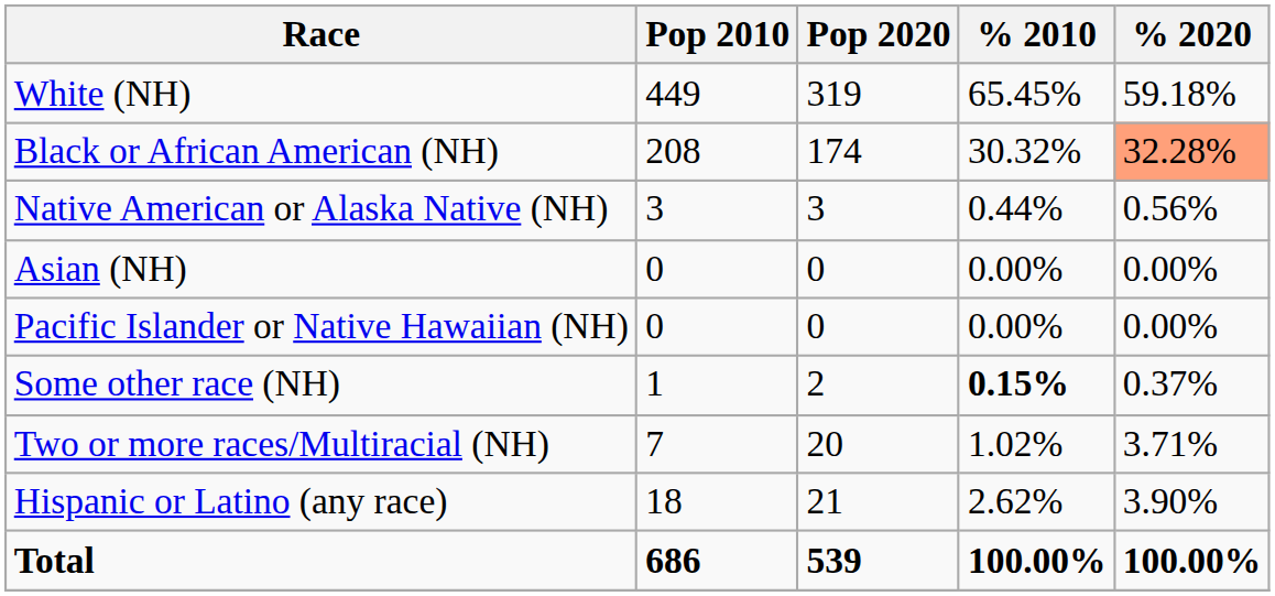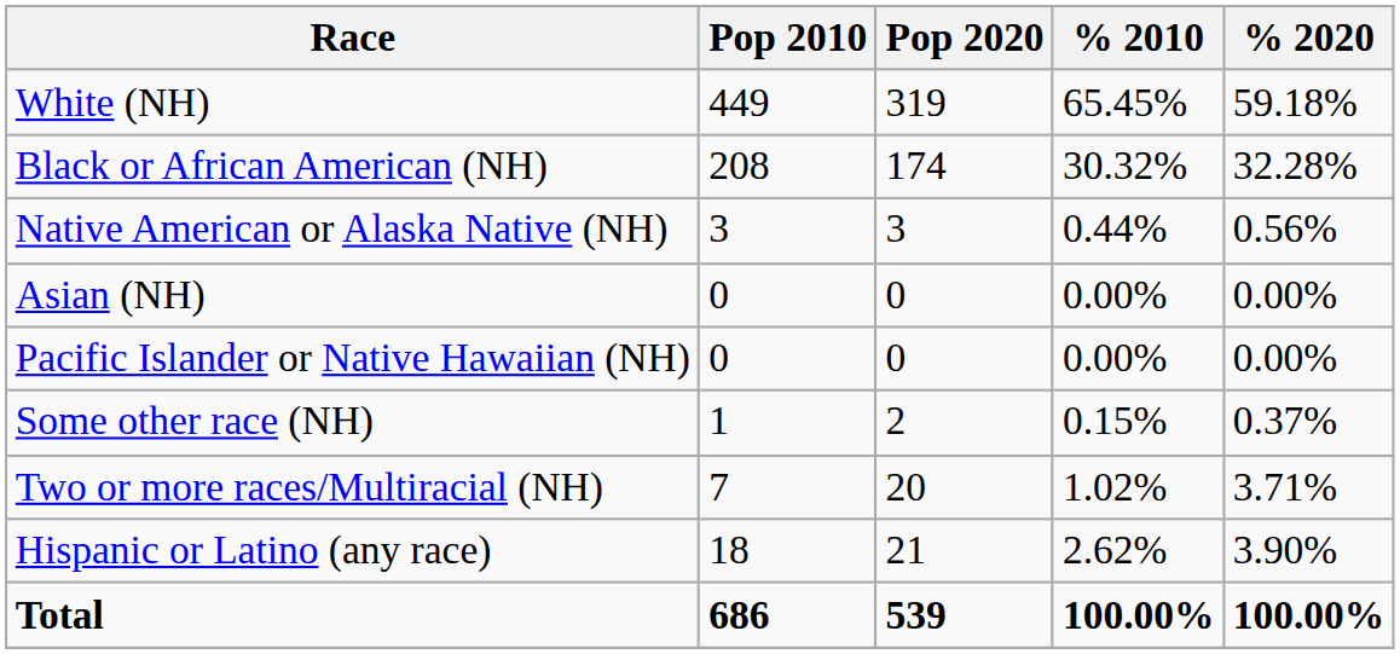 <table class="wikitable">
 <tr>
 <th>Race</th>
 <th>Pop 2010</th>
 <th>Pop 2020</th>
 <th>% 2010</th>
 <th>% 2020</th>
 </tr>
 <tr>
 <td><a href='#'>White</a> (NH)</td>
 <td>449</td>
 <td>319</td>
 <td>65.45%</td>
 <td>59.18%</td>
 </tr>
 <tr>
 <td><a href='#'>Black or African American</a> (NH)</td>
 <td>208</td>
 <td>174</td>
 <td>30.32%</td>
-<td style="background: lightsalmon;">32.28%</td>
+<td>32.28%</td>
 </tr>
 <tr>
 <td><a href='#'>Native American</a> or <a href='#'>Alaska Native</a> (NH)</td>
 <td>3</td>
 <td>3</td>
 <td>0.44%</td>
 <td>0.56%</td>
 </tr>
 <tr>
 <td><a href='#'>Asian</a> (NH)</td>
 <td>0</td>
 <td>0</td>
 <td>0.00%</td>
 <td>0.00%</td>
 </tr>
 <tr>
 <td><a href='#'>Pacific Islander</a> or <a href='#'>Native Hawaiian</a> (NH)</td>
 <td>0</td>
 <td>0</td>
 <td>0.00%</td>
 <td>0.00%</td>
 </tr>
 <tr>
 <td><a href='#'>Some other race</a> (NH)</td>
 <td>1</td>
 <td>2</td>
-<td><strong>0.15%</strong></td>
+<td>0.15%</td>
 <td>0.37%</td>
 </tr>
 <tr>
 <td><a href='#'>Two or more races/Multiracial</a> (NH)</td>
 <td>7</td>
 <td>20</td>
 <td>1.02%</td>
 <td>3.71%</td>
 </tr>
 <tr>
 <td><a href='#'>Hispanic or Latino</a> (any race)</td>
 <td>18</td>
 <td>21</td>
 <td>2.62%</td>
 <td>3.90%</td>
 </tr>
 <tr>
 <td><strong>Total</strong></td>
 <td><strong>686</strong></td>
 <td><strong>539</strong></td>
 <td><strong>100.00%</strong></td>
 <td><strong>100.00%</strong></td>
 </tr>
 <tr>
 </tr>
 </table>
